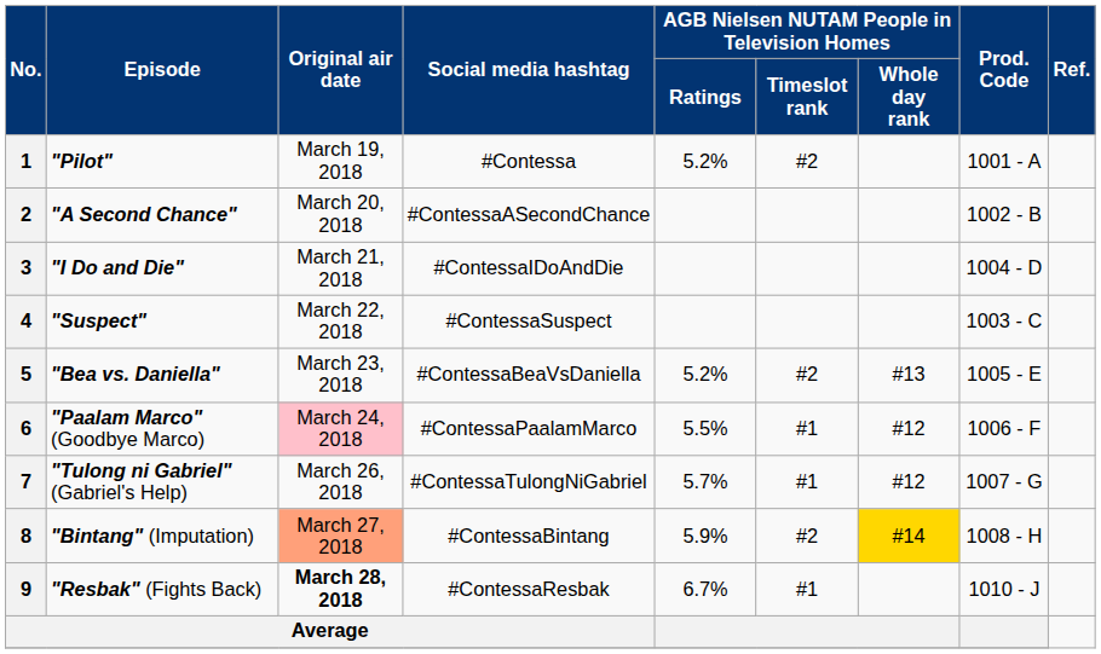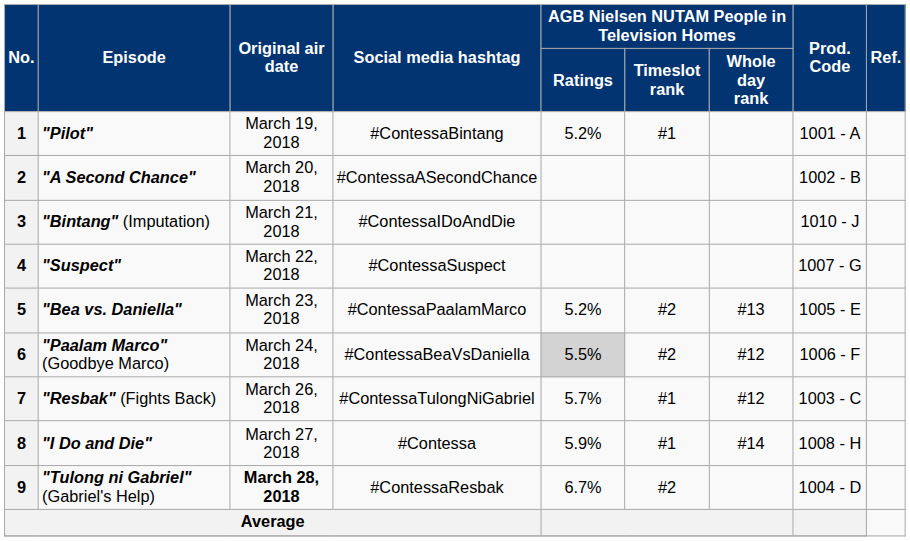 <table class="wikitable" style="text-align:center; font-size:100%; line-height:18px;" width="100%">
 <tr>
 <th style="background-color:#023472; color:#ffffff;" rowspan="2">No.</th>
 <th style="background-color:#023472; color:#ffffff;" rowspan="2">Episode</th>
 <th style="background-color:#023472; color:white" rowspan="2">Original air date</th>
 <th style="background-color:#023472; color:white" rowspan="2">Social media hashtag</th>
 <th style="background-color:#023472; color:#ffffff;" colspan="3">AGB Nielsen NUTAM People in Television Homes</th>
 <th style="background-color:#023472; color:white" rowspan="2">Prod. Code</th>
 <th style="background-color:#023472; color:#ffffff;" rowspan="2">Ref.</th>
 </tr>
 <tr>
 <th style="background-color:#023472; width:75px; color:#ffffff;">Ratings</th>
 <th style="background-color:#023472; width:75px; color:#ffffff;">Timeslot <br> rank</th>
 <th style="background-color:#023472; width:75px; color:#ffffff;">Whole day <br> rank</th>
 </tr>
 <tr>
 <th>1</th>
 <td style="text-align: left;"><strong><em>"Pilot"</em></strong></td>
 <td>March 19, 2018</td>
-<td>#Contessa</td>
+<td>#ContessaBintang</td>
 <td>5.2%</td>
-<td>#2</td>
+<td>#1</td>
 <td></td>
 <td>1001 - A</td>
 <td></td>
 </tr>
 <tr>
 <th>2</th>
 <td style="text-align: left;"><strong><em>"A Second Chance"</em></strong></td>
 <td>March 20, 2018</td>
 <td>#ContessaASecondChance</td>
 <td></td>
 <td></td>
 <td></td>
 <td>1002 - B</td>
 <td></td>
 </tr>
 <tr>
 <th>3</th>
-<td style="text-align: left;"><strong><em>"I Do and Die"</em></strong></td>
+<td style="text-align: left;"><strong><em>"Bintang"</em></strong> (Imputation)</td>
 <td>March 21, 2018</td>
 <td>#ContessaIDoAndDie</td>
 <td></td>
 <td></td>
 <td></td>
-<td>1004 - D</td>
+<td>1010 - J</td>
 <td></td>
 </tr>
 <tr>
 <th>4</th>
 <td style="text-align: left;"><strong><em>"Suspect"</em></strong></td>
 <td>March 22, 2018</td>
 <td>#ContessaSuspect</td>
 <td></td>
 <td></td>
 <td></td>
-<td>1003 - C</td>
+<td>1007 - G</td>
 <td></td>
 </tr>
 <tr>
 <th>5</th>
 <td style="text-align: left;"><strong><em>"Bea vs. Daniella"</em></strong></td>
 <td>March 23, 2018</td>
-<td>#ContessaBeaVsDaniella</td>
+<td>#ContessaPaalamMarco</td>
 <td>5.2%</td>
 <td>#2</td>
 <td>#13</td>
 <td>1005 - E</td>
 <td></td>
 </tr>
 <tr>
 <th>6</th>
 <td style="text-align: left;"><strong><em>"Paalam Marco"</em></strong> (Goodbye Marco)</td>
-<td style="background: pink;">March 24, 2018</td>
-<td>#ContessaPaalamMarco</td>
-<td>5.5%</td>
-<td>#1</td>
+<td>March 24, 2018</td>
+<td>#ContessaBeaVsDaniella</td>
+<td style="background: lightgrey;">5.5%</td>
+<td>#2</td>
 <td>#12</td>
 <td>1006 - F</td>
 <td></td>
 </tr>
 <tr>
 <th>7</th>
-<td style="text-align: left;"><strong><em>"Tulong ni Gabriel"</em></strong> (Gabriel's Help)</td>
+<td style="text-align: left;"><strong><em>"Resbak"</em></strong> (Fights Back)</td>
 <td>March 26, 2018</td>
 <td>#ContessaTulongNiGabriel</td>
 <td>5.7%</td>
 <td>#1</td>
 <td>#12</td>
-<td>1007 - G</td>
+<td>1003 - C</td>
 <td></td>
 </tr>
 <tr>
 <th>8</th>
-<td style="text-align: left;"><strong><em>"Bintang"</em></strong> (Imputation)</td>
-<td style="background: lightsalmon;">March 27, 2018</td>
-<td>#ContessaBintang</td>
+<td style="text-align: left;"><strong><em>"I Do and Die"</em></strong></td>
+<td>March 27, 2018</td>
+<td>#Contessa</td>
 <td>5.9%</td>
-<td>#2</td>
-<td style="background: gold;">#14</td>
+<td>#1</td>
+<td>#14</td>
 <td>1008 - H</td>
 <td></td>
 </tr>
 <tr>
 <th>9</th>
-<td style="text-align: left;"><strong><em>"Resbak"</em></strong> (Fights Back)</td>
+<td style="text-align: left;"><strong><em>"Tulong ni Gabriel"</em></strong> (Gabriel's Help)</td>
 <td><strong>March 28, 2018</strong></td>
 <td>#ContessaResbak</td>
 <td>6.7%</td>
-<td>#1</td>
+<td>#2</td>
 <td></td>
-<td>1010 - J</td>
+<td>1004 - D</td>
 <td></td>
 </tr>
 <tr>
 <th colspan="4">Average</th>
 <th colspan="3"></th>
 <th></th>
 </tr>
 <tr>
 </tr>
 </table>
